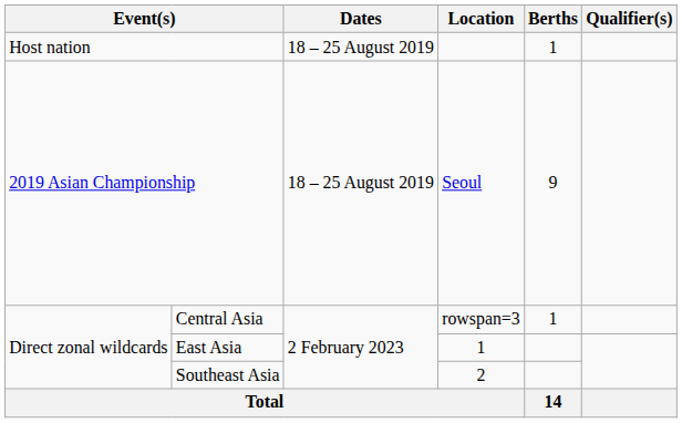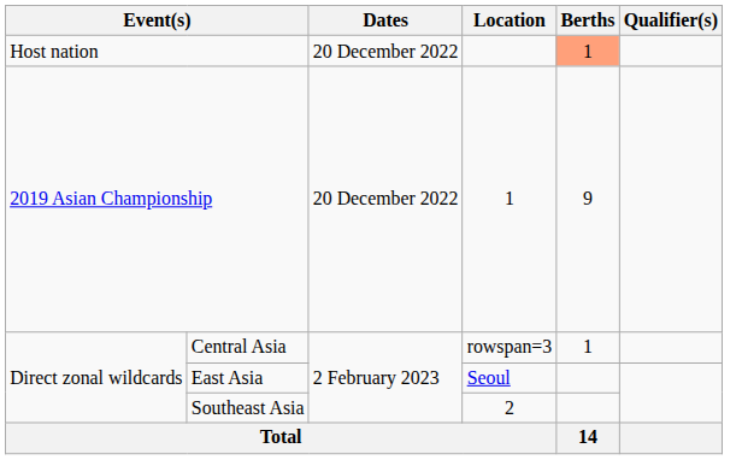 <table class="wikitable">
 <tr>
 <th colspan=2>Event(s)</th>
 <th>Dates</th>
 <th>Location</th>
 <th>Berths</th>
 <th>Qualifier(s)</th>
 </tr>
 <tr>
 <td colspan=2>Host nation</td>
-<td>18 – 25 August 2019</td>
+<td>20 December 2022</td>
 <td></td>
-<td style="text-align:center">1</td>
+<td style="background: lightsalmon; text-align:center">1</td>
 <td></td>
 </tr>
 <tr>
 <td colspan=2><a href='#'>2019 Asian Championship</a></td>
-<td>18 – 25 August 2019</td>
-<td> <a href='#'>Seoul</a></td>
+<td>20 December 2022</td>
+<td style="text-align:center;">1</td>
 <td style="text-align:center">9</td>
 <td><br><s></s><br><br><br><br><br><br><s></s><br><br><br><br><s></s><br><s></s></td>
 </tr>
 <tr>
 <td rowspan=3>Direct zonal wildcards</td>
 <td>Central Asia</td>
 <td rowspan=3>2 February 2023</td>
 <td>rowspan=3 </td>
 <td style="text-align:center;">1</td>
 <td></td>
 </tr>
 <tr>
 <td>East Asia</td>
-<td style="text-align:center;">1</td>
+<td> <a href='#'>Seoul</a></td>
 <td></td>
 </tr>
 <tr>
 <td>Southeast Asia</td>
 <td style="text-align:center;">2</td>
 <td><br></td>
 </tr>
 <tr>
 <th colspan="4">Total</th>
 <th>14</th>
 <th></th>
 </tr>
 </table>
